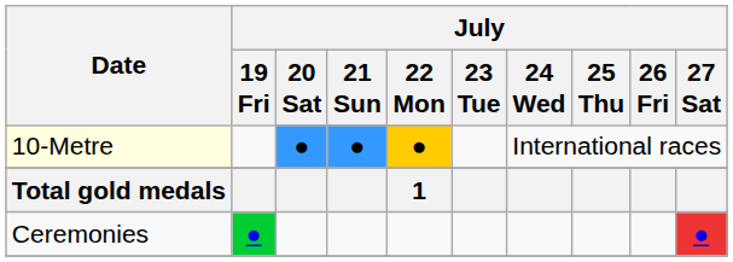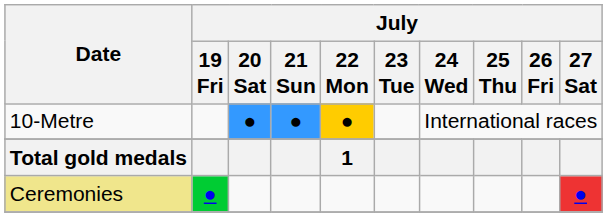 <table class="wikitable" style="margin:0.5em auto; font-size:90%; line-height:1.25em;">
 <tr>
 <th rowspan=2>Date</th>
 <th colspan=9>July</th>
 </tr>
 <tr>
 <th>19<br>Fri</th>
 <th>20<br>Sat</th>
 <th>21<br>Sun</th>
 <th>22<br>Mon</th>
 <th>23<br>Tue</th>
 <th>24<br>Wed</th>
 <th>25<br>Thu</th>
 <th>26<br>Fri</th>
 <th>27<br>Sat</th>
 </tr>
 <tr align="center">
-<td align="left" style="background: lightyellow;">10-Metre</td>
+<td align="left">10-Metre</td>
 <td></td>
 <td bgcolor=#3399ff><span>●</span></td>
 <td bgcolor=#3399ff><span>●</span></td>
 <td bgcolor=#ffcc00><span>●</span></td>
 <td></td>
 <td colspan=9>International races</td>
 </tr>
 <tr align="center">
 </tr>
 <tr>
 <th>Total gold medals</th>
 <th></th>
 <th></th>
 <th></th>
 <th>1</th>
 <th></th>
 <th></th>
 <th></th>
 <th></th>
 <th></th>
 </tr>
 <tr>
-<td>Ceremonies</td>
+<td style="background: khaki;">Ceremonies</td>
 <td bgcolor=#00cc33 align=center><a href='#'>●</a></td>
 <td></td>
 <td></td>
 <td></td>
 <td></td>
 <td></td>
 <td></td>
 <td></td>
 <td bgcolor=#ee3333 align=center><a href='#'>●</a></td>
 </tr>
 <tr>
 </tr>
 </table>
